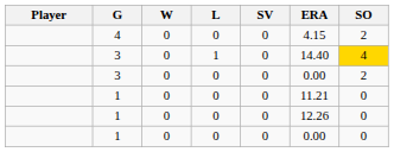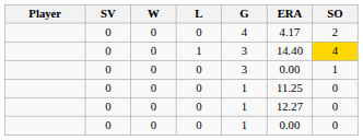 <table class="wikitable sortable">
 <tr>
 <th bgcolor="#DDDDFF" width="16%">Player</th>
-<th bgcolor="#DDDDFF" width="9%">G</th>
+<th bgcolor="#DDDDFF" width="9%">SV</th>
 <th bgcolor="#DDDDFF" width="9%">W</th>
 <th bgcolor="#DDDDFF" width="9%">L</th>
-<th bgcolor="#DDDDFF" width="9%">SV</th>
+<th bgcolor="#DDDDFF" width="9%">G</th>
 <th bgcolor="#DDDDFF" width="9%">ERA</th>
 <th bgcolor="#DDDDFF" width="9%">SO</th>
 </tr>
 <tr align="center">
 <td></td>
-<td>4</td>
 <td>0</td>
 <td>0</td>
 <td>0</td>
-<td>4.15</td>
+<td>4</td>
+<td>4.17</td>
 <td>2</td>
 </tr>
 <tr align="center">
 <td></td>
-<td>3</td>
+<td>0</td>
 <td>0</td>
 <td>1</td>
-<td>0</td>
+<td>3</td>
 <td>14.40</td>
 <td style="background: gold;">4</td>
 </tr>
 <tr align="center">
 <td></td>
-<td>3</td>
 <td>0</td>
 <td>0</td>
 <td>0</td>
+<td>3</td>
 <td>0.00</td>
-<td>2</td>
+<td>1</td>
 </tr>
 <tr align="center">
 <td></td>
-<td>1</td>
 <td>0</td>
 <td>0</td>
 <td>0</td>
-<td>11.21</td>
+<td>1</td>
+<td>11.25</td>
 <td>0</td>
 </tr>
 <tr align="center">
 <td></td>
-<td>1</td>
 <td>0</td>
 <td>0</td>
 <td>0</td>
-<td>12.26</td>
+<td>1</td>
+<td>12.27</td>
 <td>0</td>
 </tr>
 <tr align="center">
 <td></td>
-<td>1</td>
 <td>0</td>
 <td>0</td>
 <td>0</td>
+<td>1</td>
 <td>0.00</td>
 <td>0</td>
 </tr>
 </table>
